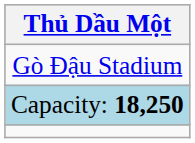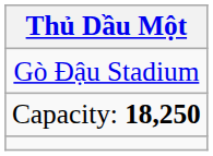 <table class="wikitable" style="text-align:center; margin: 1em auto;">
 <tr>
 <th> <a href='#'>Thủ Dầu Một</a></th>
 </tr>
 <tr>
 <td><a href='#'>Gò Đậu Stadium</a></td>
 </tr>
 <tr>
-<td style="background: lightblue;">Capacity: <strong>18,250</strong></td>
+<td>Capacity: <strong>18,250</strong></td>
 </tr>
 <tr>
 <td></td>
 </tr>
 </table>
